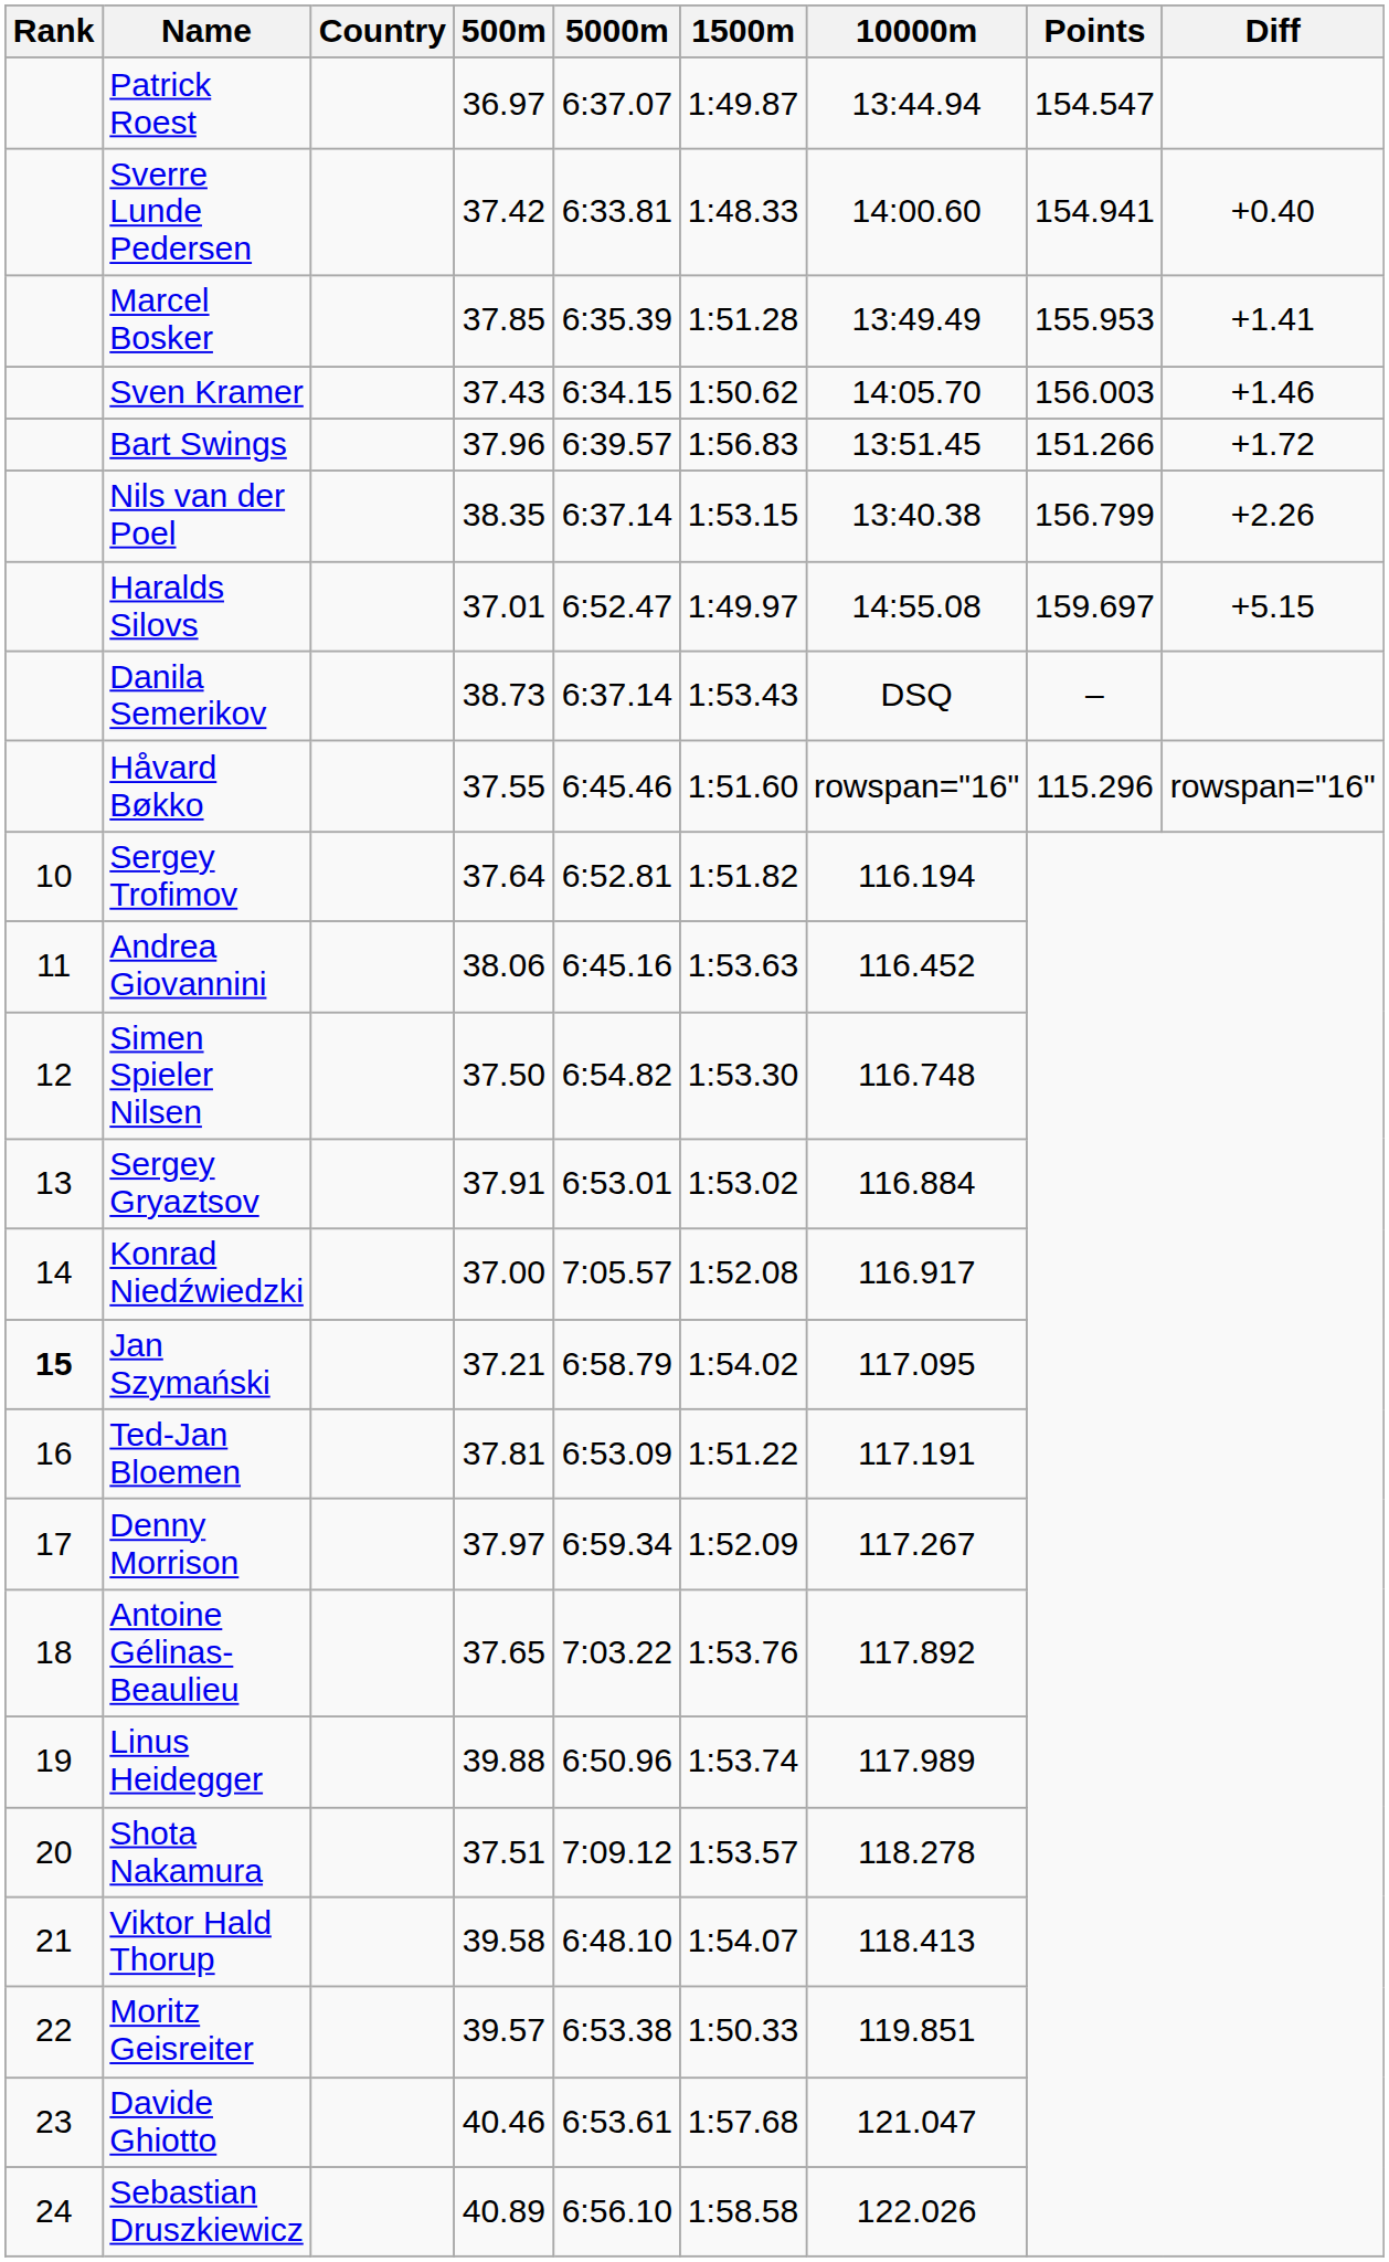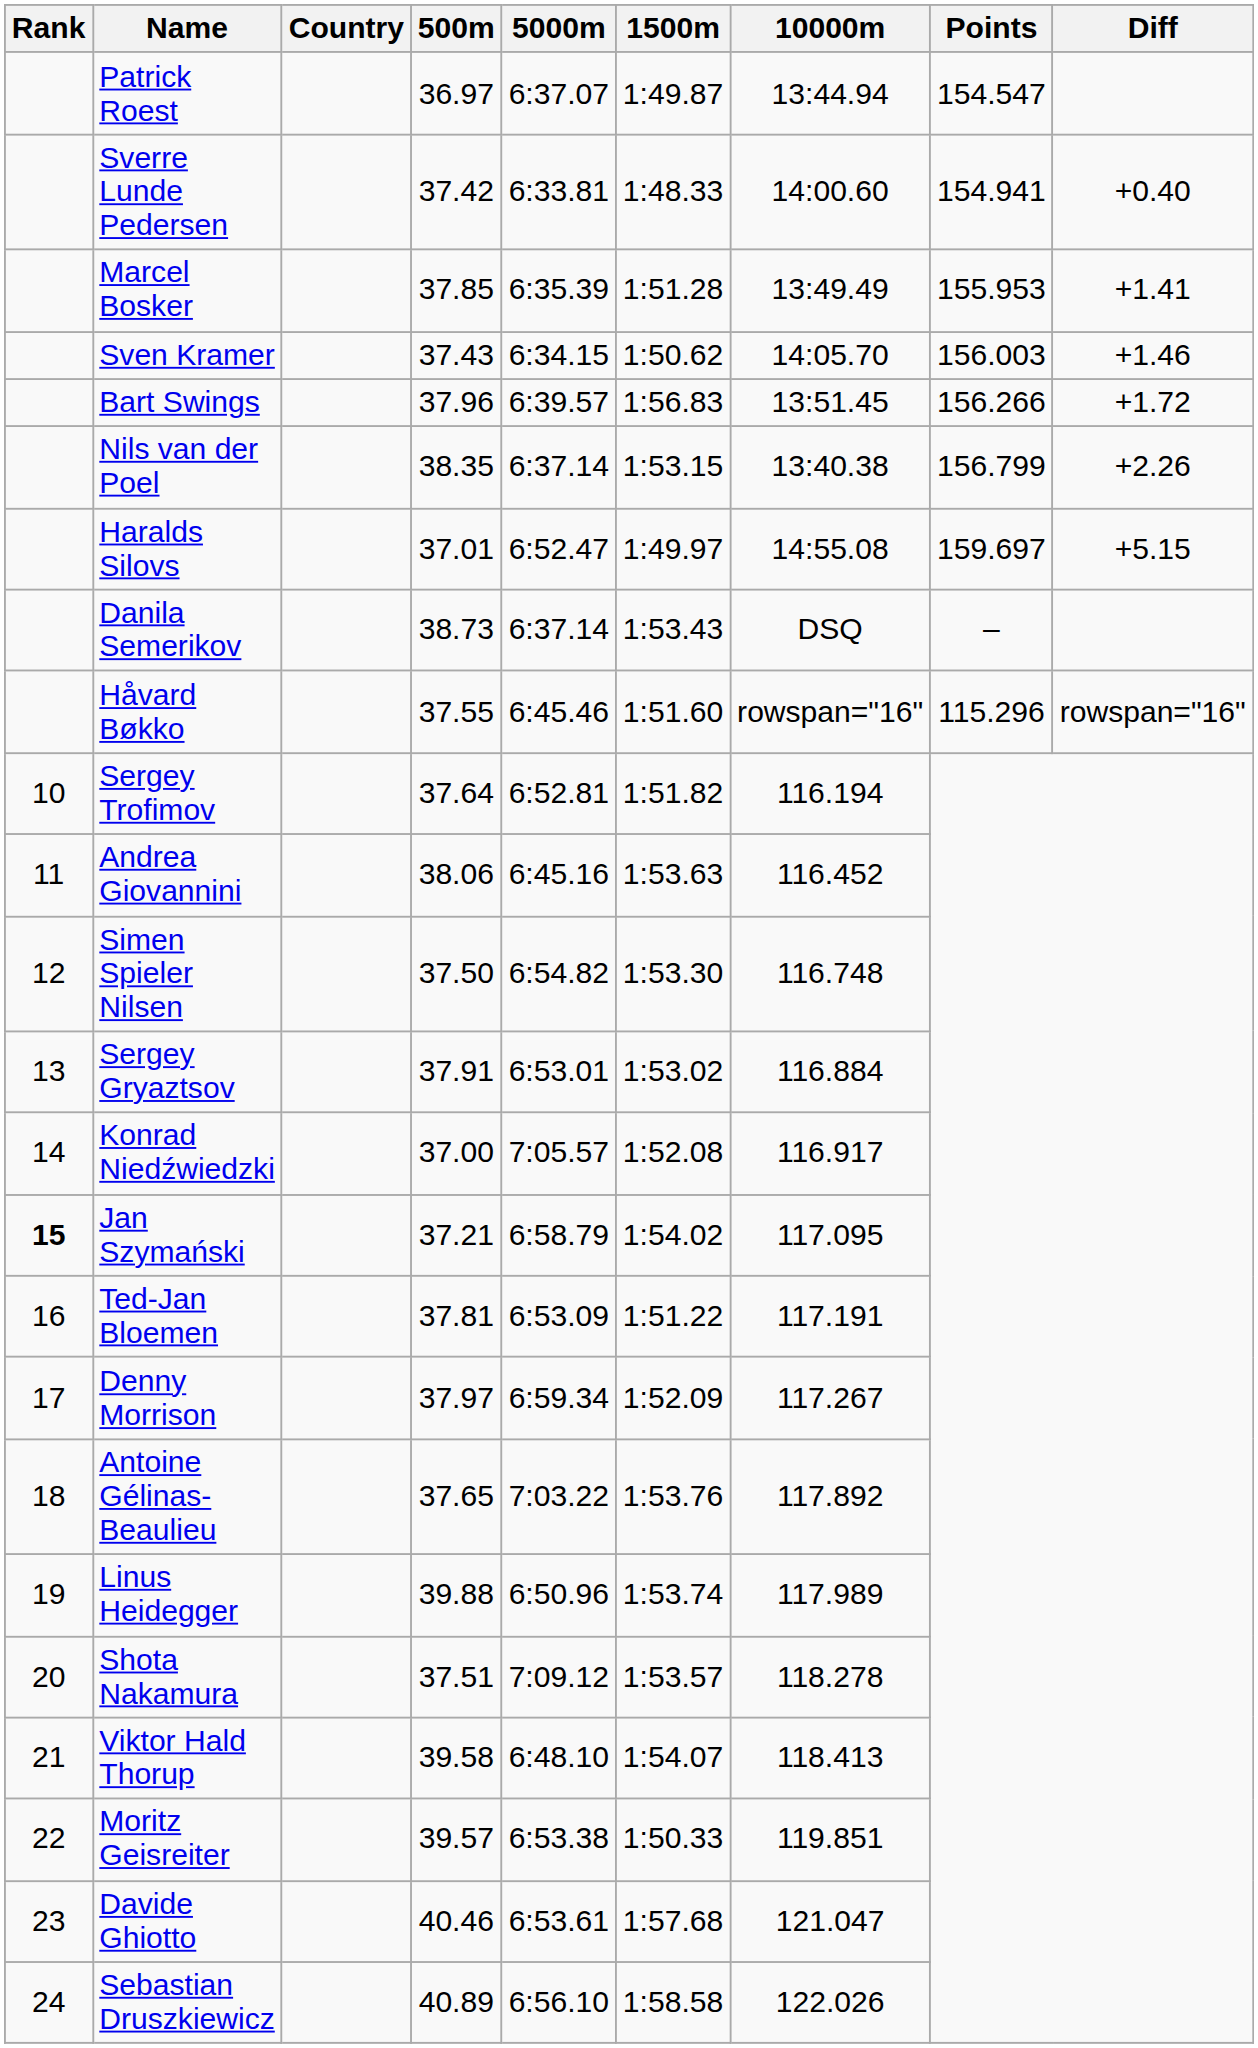 <table class="wikitable sortable" style="text-align:center">
 <tr>
 <th>Rank</th>
 <th>Name</th>
 <th>Country</th>
 <th>500m</th>
 <th>5000m</th>
 <th>1500m</th>
 <th>10000m</th>
 <th>Points</th>
 <th>Diff</th>
 </tr>
 <tr>
 <td></td>
 <td align="left"><a href='#'>Patrick Roest</a></td>
 <td align="left"></td>
 <td>36.97</td>
 <td>6:37.07</td>
 <td>1:49.87</td>
 <td>13:44.94</td>
 <td>154.547</td>
 <td></td>
 </tr>
 <tr>
 <td></td>
 <td align="left"><a href='#'>Sverre Lunde Pedersen</a></td>
 <td align="left"></td>
 <td>37.42</td>
 <td>6:33.81</td>
 <td>1:48.33</td>
 <td>14:00.60</td>
 <td>154.941</td>
 <td>+0.40</td>
 </tr>
 <tr>
 <td></td>
 <td align="left"><a href='#'>Marcel Bosker</a></td>
 <td align="left"></td>
 <td>37.85</td>
 <td>6:35.39</td>
 <td>1:51.28</td>
 <td>13:49.49</td>
 <td>155.953</td>
 <td>+1.41</td>
 </tr>
 <tr>
 <td></td>
 <td align="left"><a href='#'>Sven Kramer</a></td>
 <td align="left"></td>
 <td>37.43</td>
 <td>6:34.15</td>
 <td>1:50.62</td>
 <td>14:05.70</td>
 <td>156.003</td>
 <td>+1.46</td>
 </tr>
 <tr>
 <td></td>
 <td align="left"><a href='#'>Bart Swings</a></td>
 <td align="left"></td>
 <td>37.96</td>
 <td>6:39.57</td>
 <td>1:56.83</td>
 <td>13:51.45</td>
-<td>151.266</td>
+<td>156.266</td>
 <td>+1.72</td>
 </tr>
 <tr>
 <td></td>
 <td align="left"><a href='#'>Nils van der Poel</a></td>
 <td align="left"></td>
 <td>38.35</td>
 <td>6:37.14</td>
 <td>1:53.15</td>
 <td>13:40.38</td>
 <td>156.799</td>
 <td>+2.26</td>
 </tr>
 <tr>
 <td></td>
 <td align="left"><a href='#'>Haralds Silovs</a></td>
 <td align="left"></td>
 <td>37.01</td>
 <td>6:52.47</td>
 <td>1:49.97</td>
 <td>14:55.08</td>
 <td>159.697</td>
 <td>+5.15</td>
 </tr>
 <tr>
 <td></td>
 <td align="left"><a href='#'>Danila Semerikov</a></td>
 <td align="left"></td>
 <td>38.73</td>
 <td>6:37.14</td>
 <td>1:53.43</td>
 <td>DSQ</td>
 <td>–</td>
 <td></td>
 </tr>
 <tr>
 <td></td>
 <td align="left"><a href='#'>Håvard Bøkko</a></td>
 <td align="left"></td>
 <td>37.55</td>
 <td>6:45.46</td>
 <td>1:51.60</td>
 <td>rowspan="16" </td>
 <td>115.296</td>
 <td>rowspan="16" </td>
 </tr>
 <tr>
 <td>10</td>
 <td align="left"><a href='#'>Sergey Trofimov</a></td>
 <td align="left"></td>
 <td>37.64</td>
 <td>6:52.81</td>
 <td>1:51.82</td>
 <td>116.194</td>
 </tr>
 <tr>
 <td>11</td>
 <td align="left"><a href='#'>Andrea Giovannini</a></td>
 <td align="left"></td>
 <td>38.06</td>
 <td>6:45.16</td>
 <td>1:53.63</td>
 <td>116.452</td>
 </tr>
 <tr>
 <td>12</td>
 <td align="left"><a href='#'>Simen Spieler Nilsen</a></td>
 <td align="left"></td>
 <td>37.50</td>
 <td>6:54.82</td>
 <td>1:53.30</td>
 <td>116.748</td>
 </tr>
 <tr>
 <td>13</td>
 <td align="left"><a href='#'>Sergey Gryaztsov</a></td>
 <td align="left"></td>
 <td>37.91</td>
 <td>6:53.01</td>
 <td>1:53.02</td>
 <td>116.884</td>
 </tr>
 <tr>
 <td>14</td>
 <td align="left"><a href='#'>Konrad Niedźwiedzki</a></td>
 <td align="left"></td>
 <td>37.00</td>
 <td>7:05.57</td>
 <td>1:52.08</td>
 <td>116.917</td>
 </tr>
 <tr>
 <td><strong>15</strong></td>
 <td align="left"><a href='#'>Jan Szymański</a></td>
 <td align="left"></td>
 <td>37.21</td>
 <td>6:58.79</td>
 <td>1:54.02</td>
 <td>117.095</td>
 </tr>
 <tr>
 <td>16</td>
 <td align="left"><a href='#'>Ted-Jan Bloemen</a></td>
 <td align="left"></td>
 <td>37.81</td>
 <td>6:53.09</td>
 <td>1:51.22</td>
 <td>117.191</td>
 </tr>
 <tr>
 <td>17</td>
 <td align="left"><a href='#'>Denny Morrison</a></td>
 <td align="left"></td>
 <td>37.97</td>
 <td>6:59.34</td>
 <td>1:52.09</td>
 <td>117.267</td>
 </tr>
 <tr>
 <td>18</td>
 <td align="left"><a href='#'>Antoine Gélinas-Beaulieu</a></td>
 <td align="left"></td>
 <td>37.65</td>
 <td>7:03.22</td>
 <td>1:53.76</td>
 <td>117.892</td>
 </tr>
 <tr>
 <td>19</td>
 <td align="left"><a href='#'>Linus Heidegger</a></td>
 <td align="left"></td>
 <td>39.88</td>
 <td>6:50.96</td>
 <td>1:53.74</td>
 <td>117.989</td>
 </tr>
 <tr>
 <td>20</td>
 <td align="left"><a href='#'>Shota Nakamura</a></td>
 <td align="left"></td>
 <td>37.51</td>
 <td>7:09.12</td>
 <td>1:53.57</td>
 <td>118.278</td>
 </tr>
 <tr>
 <td>21</td>
 <td align="left"><a href='#'>Viktor Hald Thorup</a></td>
 <td align="left"></td>
 <td>39.58</td>
 <td>6:48.10</td>
 <td>1:54.07</td>
 <td>118.413</td>
 </tr>
 <tr>
 <td>22</td>
 <td align="left"><a href='#'>Moritz Geisreiter</a></td>
 <td align="left"></td>
 <td>39.57</td>
 <td>6:53.38</td>
 <td>1:50.33</td>
 <td>119.851</td>
 </tr>
 <tr>
 <td>23</td>
 <td align="left"><a href='#'>Davide Ghiotto</a></td>
 <td align="left"></td>
 <td>40.46</td>
 <td>6:53.61</td>
 <td>1:57.68</td>
 <td>121.047</td>
 </tr>
 <tr>
 <td>24</td>
 <td align="left"><a href='#'>Sebastian Druszkiewicz</a></td>
 <td align="left"></td>
 <td>40.89</td>
 <td>6:56.10</td>
 <td>1:58.58</td>
 <td>122.026</td>
 </tr>
 </table>
